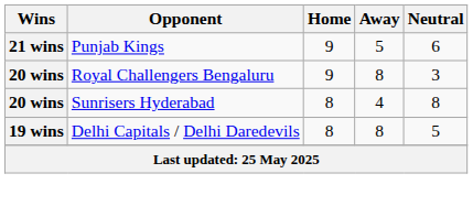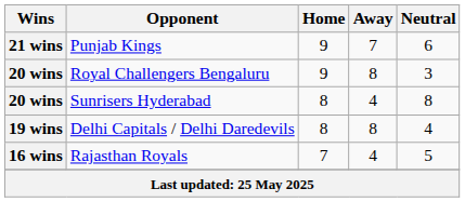 <table class="wikitable sortable" style="text-align:left;font-size:96%;">
 <tr>
 <th>Wins</th>
 <th>Opponent</th>
 <th>Home</th>
 <th>Away</th>
 <th>Neutral</th>
 </tr>
 <tr>
 <th scope=row style=text-align:center;>21 wins</th>
 <td><a href='#'>Punjab Kings</a></td>
 <td style="text-align:center">9</td>
-<td style="text-align:center">5</td>
+<td style="text-align:center">7</td>
 <td style="text-align:center">6</td>
 </tr>
 <tr>
 <th scope=row style=text-align:center;>20 wins</th>
 <td><a href='#'>Royal Challengers Bengaluru</a></td>
 <td style="text-align:center">9</td>
 <td style="text-align:center">8</td>
 <td style="text-align:center">3</td>
 </tr>
 <tr>
 <th scope=row style=text-align:center;>20 wins</th>
 <td><a href='#'>Sunrisers Hyderabad</a></td>
 <td style="text-align:center">8</td>
 <td style="text-align:center">4</td>
 <td style="text-align:center">8</td>
 </tr>
 <tr>
 <th scope=row style=text-align:center;>19 wins</th>
 <td><a href='#'>Delhi Capitals</a> / <a href='#'>Delhi Daredevils</a></td>
 <td style="text-align:center">8</td>
 <td style="text-align:center">8</td>
+<td style="text-align:center">4</td>
+</tr>
+<tr>
+<th scope=row style=text-align:center;>16 wins</th>
+<td><a href='#'>Rajasthan Royals</a></td>
+<td style="text-align:center">7</td>
+<td style="text-align:center">4</td>
 <td style="text-align:center">5</td>
 </tr>
 <tr>
 </tr>
 <tr class="sortbottom">
 <th colspan="5"><small>Last updated: 25 May 2025</small></th>
 </tr>
 </table>
